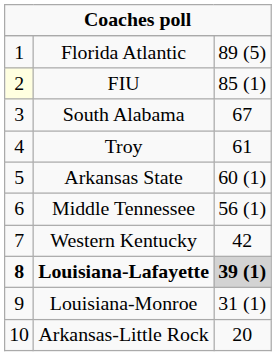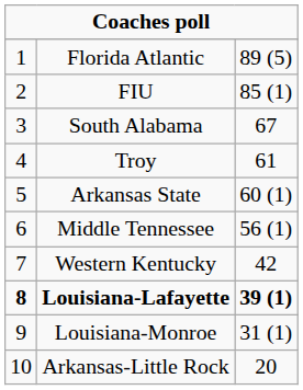 <table class="wikitable">
 <tr style="text-align:center;">
 <td colspan="3"><strong>Coaches poll </strong></td>
 </tr>
 <tr style="text-align:center;">
 </tr>
 <tr style="text-align:center;">
 <td>1</td>
 <td>Florida Atlantic</td>
 <td>89 (5)</td>
 </tr>
 <tr style="text-align:center;">
-<td style="background: lightyellow;">2</td>
+<td>2</td>
 <td>FIU</td>
 <td>85 (1)</td>
 </tr>
 <tr style="text-align:center;">
 <td>3</td>
 <td>South Alabama</td>
 <td>67</td>
 </tr>
 <tr style="text-align:center;">
 <td>4</td>
 <td>Troy</td>
 <td>61</td>
 </tr>
 <tr style="text-align:center;">
 <td>5</td>
 <td>Arkansas State</td>
 <td>60 (1)</td>
 </tr>
 <tr style="text-align:center;">
 <td>6</td>
 <td>Middle Tennessee</td>
 <td>56 (1)</td>
 </tr>
 <tr style="text-align:center;">
 <td>7</td>
 <td>Western Kentucky</td>
 <td>42</td>
 </tr>
 <tr style="text-align:center;">
 <td><strong>8</strong></td>
 <td><strong>Louisiana-Lafayette</strong></td>
-<td style="background: lightgrey;"><strong>39 (1)</strong></td>
+<td><strong>39 (1)</strong></td>
 </tr>
 <tr style="text-align:center;">
 <td>9</td>
 <td>Louisiana-Monroe</td>
 <td>31 (1)</td>
 </tr>
 <tr style="text-align:center;">
 <td>10</td>
 <td>Arkansas-Little Rock</td>
 <td>20</td>
 </tr>
 </table>
